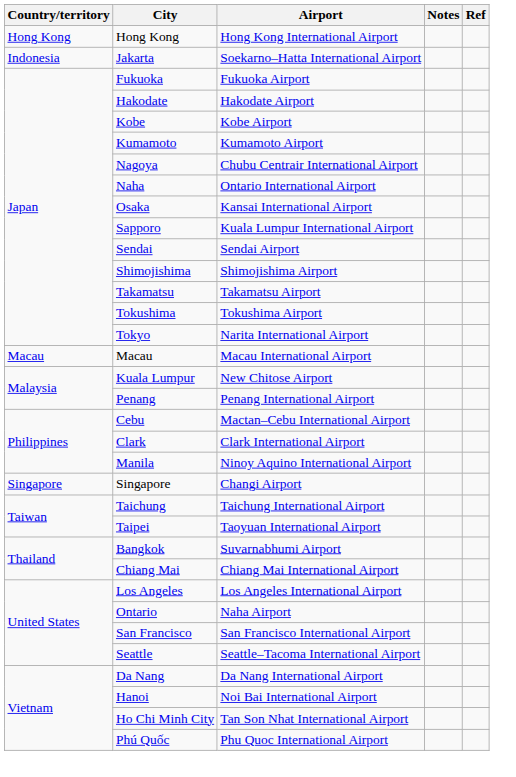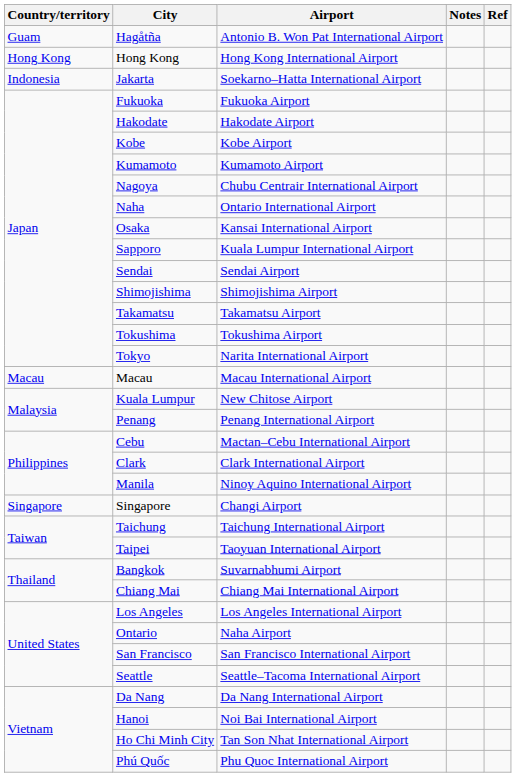 <table class="wikitable sortable">
 <tr>
 <th>Country/territory</th>
 <th>City</th>
 <th>Airport</th>
 <th>Notes</th>
 <th class="unsortable">Ref</th>
+</tr>
+<tr>
+<td><a href='#'>Guam</a></td>
+<td><a href='#'>Hagåtña</a></td>
+<td><a href='#'>Antonio B. Won Pat International Airport</a></td>
+<td></td>
+<td align=center></td>
 </tr>
 <tr>
 <td><a href='#'>Hong Kong</a></td>
 <td>Hong Kong</td>
 <td><a href='#'>Hong Kong International Airport</a></td>
 <td></td>
 <td align=center></td>
 </tr>
 <tr>
 <td><a href='#'>Indonesia</a></td>
 <td><a href='#'>Jakarta</a></td>
 <td><a href='#'>Soekarno–Hatta International Airport</a></td>
 <td align=center></td>
 <td align=center></td>
 </tr>
 <tr>
 <td rowspan="13"><a href='#'>Japan</a></td>
 <td><a href='#'>Fukuoka</a></td>
 <td><a href='#'>Fukuoka Airport</a></td>
 <td align=center></td>
 <td align=center></td>
 </tr>
 <tr>
 <td><a href='#'>Hakodate</a></td>
 <td><a href='#'>Hakodate Airport</a></td>
 <td align=center></td>
 <td align=center></td>
 </tr>
 <tr>
 <td><a href='#'>Kobe</a></td>
 <td><a href='#'>Kobe Airport</a></td>
 <td></td>
 <td align=center></td>
 </tr>
 <tr>
 <td><a href='#'>Kumamoto</a></td>
 <td><a href='#'>Kumamoto Airport</a></td>
 <td align=center></td>
 <td align=center></td>
 </tr>
 <tr>
 <td><a href='#'>Nagoya</a></td>
 <td><a href='#'>Chubu Centrair International Airport</a></td>
 <td align=center></td>
 <td align=center></td>
 </tr>
 <tr>
 <td><a href='#'>Naha</a></td>
 <td><a href='#'>Ontario International Airport</a></td>
 <td align=center></td>
 <td align=center></td>
 </tr>
 <tr>
 <td><a href='#'>Osaka</a></td>
 <td><a href='#'>Kansai International Airport</a></td>
 <td align=center></td>
 <td align=center></td>
 </tr>
 <tr>
 <td><a href='#'>Sapporo</a></td>
 <td><a href='#'>Kuala Lumpur International Airport</a></td>
 <td align=center></td>
 <td align=center></td>
 </tr>
 <tr>
 <td><a href='#'>Sendai</a></td>
 <td><a href='#'>Sendai Airport</a></td>
 <td align=center></td>
 <td align=center></td>
 </tr>
 <tr>
 <td><a href='#'>Shimojishima</a></td>
 <td><a href='#'>Shimojishima Airport</a></td>
 <td></td>
 <td align="center"></td>
 </tr>
 <tr>
 <td><a href='#'>Takamatsu</a></td>
 <td><a href='#'>Takamatsu Airport</a></td>
 <td align=center></td>
 <td align=center></td>
 </tr>
 <tr>
 <td><a href='#'>Tokushima</a></td>
 <td><a href='#'>Tokushima Airport</a></td>
 <td></td>
 <td align=center></td>
 </tr>
 <tr>
 <td><a href='#'>Tokyo</a></td>
 <td><a href='#'>Narita International Airport</a></td>
 <td align=center></td>
 <td align=center></td>
 </tr>
 <tr>
 <td><a href='#'>Macau</a></td>
 <td>Macau</td>
 <td><a href='#'>Macau International Airport</a></td>
 <td align=center></td>
 <td align=center></td>
 </tr>
 <tr>
 <td rowspan="2"><a href='#'>Malaysia</a></td>
 <td><a href='#'>Kuala Lumpur</a></td>
 <td><a href='#'>New Chitose Airport</a></td>
 <td align=center></td>
 <td align=center></td>
 </tr>
 <tr>
 <td><a href='#'>Penang</a></td>
 <td><a href='#'>Penang International Airport</a></td>
 <td></td>
 <td align=center></td>
 </tr>
 <tr>
 <td rowspan="3"><a href='#'>Philippines</a></td>
 <td><a href='#'>Cebu</a></td>
 <td><a href='#'>Mactan–Cebu International Airport</a></td>
 <td align=center></td>
 <td align=center></td>
 </tr>
 <tr>
 <td><a href='#'>Clark</a></td>
 <td><a href='#'>Clark International Airport</a></td>
 <td align=center></td>
 <td align=center></td>
 </tr>
 <tr>
 <td><a href='#'>Manila</a></td>
 <td><a href='#'>Ninoy Aquino International Airport</a></td>
 <td></td>
 <td align=center></td>
 </tr>
 <tr>
 <td><a href='#'>Singapore</a></td>
 <td>Singapore</td>
 <td><a href='#'>Changi Airport</a></td>
 <td align=center></td>
 <td align=center></td>
 </tr>
 <tr>
 <td rowspan="2"><a href='#'>Taiwan</a></td>
 <td><a href='#'>Taichung</a></td>
 <td><a href='#'>Taichung International Airport</a></td>
 <td align=center></td>
 <td align=center></td>
 </tr>
 <tr>
 <td><a href='#'>Taipei</a></td>
 <td><a href='#'>Taoyuan International Airport</a></td>
 <td></td>
 <td align=center></td>
 </tr>
 <tr>
 <td rowspan="2"><a href='#'>Thailand</a></td>
 <td><a href='#'>Bangkok</a></td>
 <td><a href='#'>Suvarnabhumi Airport</a></td>
 <td align=center></td>
 <td align=center></td>
 </tr>
 <tr>
 <td><a href='#'>Chiang Mai</a></td>
 <td><a href='#'>Chiang Mai International Airport</a></td>
 <td align=center></td>
 <td align=center></td>
 </tr>
 <tr>
 <td rowspan="4”"><a href='#'>United States</a></td>
 <td><a href='#'>Los Angeles</a></td>
 <td><a href='#'>Los Angeles International Airport</a></td>
 <td align=center></td>
 <td align=center></td>
 </tr>
 <tr>
 <td><a href='#'>Ontario</a></td>
 <td><a href='#'>Naha Airport</a></td>
 <td></td>
 <td align=center></td>
 </tr>
 <tr>
 <td><a href='#'>San Francisco</a></td>
 <td><a href='#'>San Francisco International Airport</a></td>
 <td align=center></td>
 <td align=center></td>
 </tr>
 <tr>
 <td><a href='#'>Seattle</a></td>
 <td><a href='#'>Seattle–Tacoma International Airport</a></td>
 <td align=center></td>
 <td align=center></td>
 </tr>
 <tr>
 <td rowspan="4"><a href='#'>Vietnam</a></td>
 <td><a href='#'>Da Nang</a></td>
 <td><a href='#'>Da Nang International Airport</a></td>
 <td align=center></td>
 <td align=center></td>
 </tr>
 <tr>
 <td><a href='#'>Hanoi</a></td>
 <td><a href='#'>Noi Bai International Airport</a></td>
 <td align=center></td>
 <td align=center></td>
 </tr>
 <tr>
 <td><a href='#'>Ho Chi Minh City</a></td>
 <td><a href='#'>Tan Son Nhat International Airport</a></td>
 <td align=center></td>
 <td align=center></td>
 </tr>
 <tr>
 <td><a href='#'>Phú Quốc</a></td>
 <td><a href='#'>Phu Quoc International Airport</a></td>
 <td align=center></td>
 <td align=center></td>
 </tr>
 </table>
